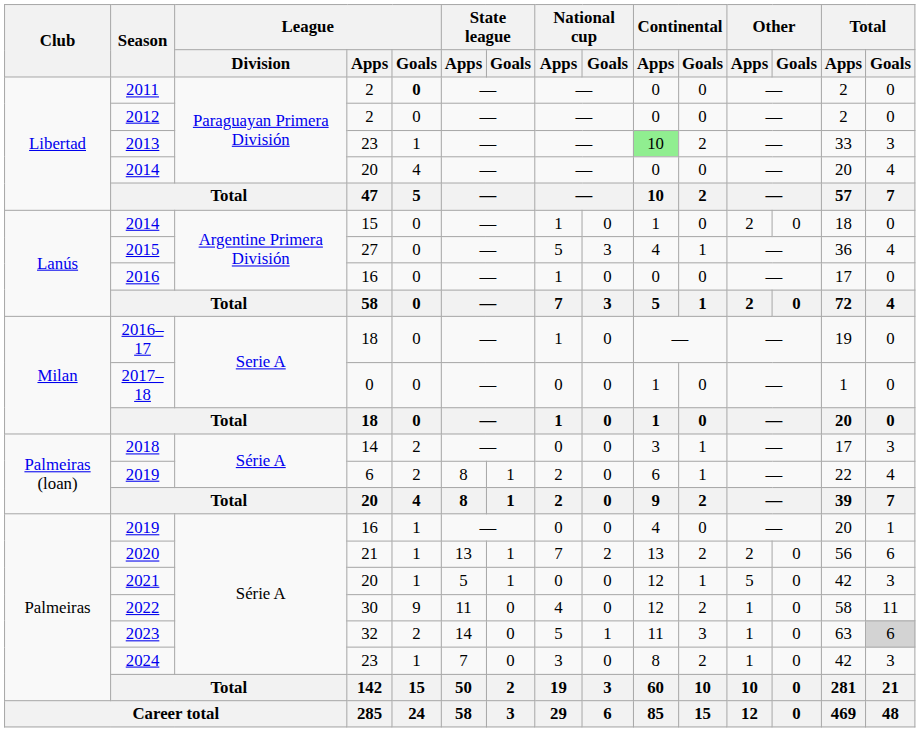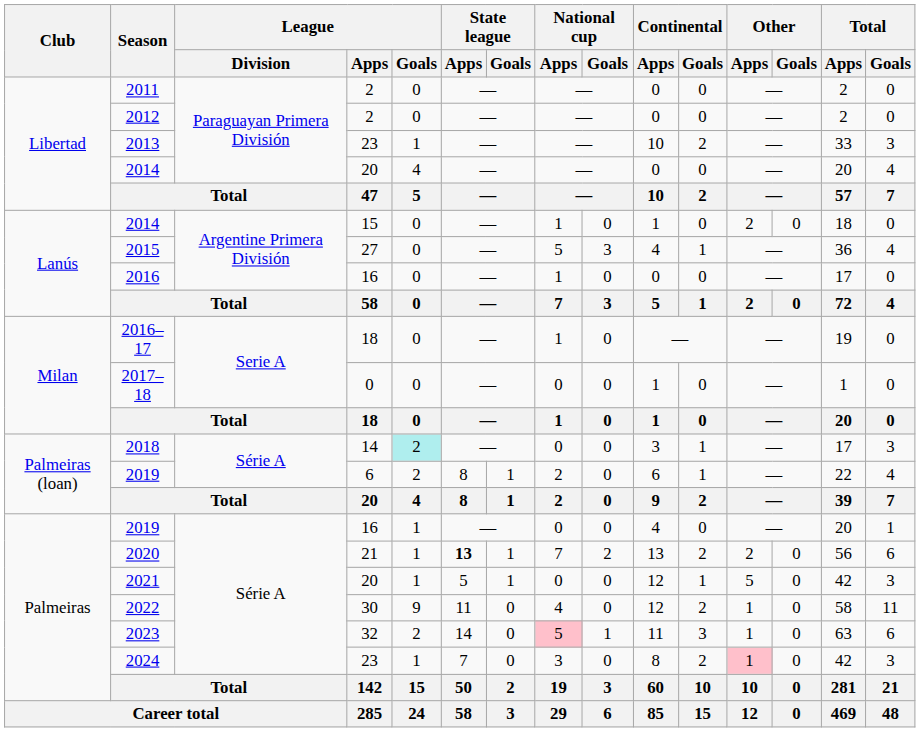 <table class="wikitable" style="text-align: center;">
 <tr>
 <th rowspan="2">Club</th>
 <th rowspan="2">Season</th>
 <th colspan="3">League</th>
 <th colspan="2">State league</th>
 <th colspan="2">National cup</th>
 <th colspan="2">Continental</th>
 <th colspan="2">Other</th>
 <th colspan="2">Total</th>
 </tr>
 <tr>
 <th>Division</th>
 <th>Apps</th>
 <th>Goals</th>
 <th>Apps</th>
 <th>Goals</th>
 <th>Apps</th>
 <th>Goals</th>
 <th>Apps</th>
 <th>Goals</th>
 <th>Apps</th>
 <th>Goals</th>
 <th>Apps</th>
 <th>Goals</th>
 </tr>
 <tr>
 <td rowspan="5"><a href='#'>Libertad</a></td>
 <td><a href='#'>2011</a></td>
 <td rowspan="4"><a href='#'>Paraguayan Primera División</a></td>
 <td>2</td>
-<td><strong>0</strong></td>
+<td>0</td>
 <td colspan="2">—</td>
 <td colspan="2">—</td>
 <td>0</td>
 <td>0</td>
 <td colspan="2">—</td>
 <td>2</td>
 <td>0</td>
 </tr>
 <tr>
 <td><a href='#'>2012</a></td>
 <td>2</td>
 <td>0</td>
 <td colspan="2">—</td>
 <td colspan="2">—</td>
 <td>0</td>
 <td>0</td>
 <td colspan="2">—</td>
 <td>2</td>
 <td>0</td>
 </tr>
 <tr>
 <td><a href='#'>2013</a></td>
 <td>23</td>
 <td>1</td>
 <td colspan="2">—</td>
 <td colspan="2">—</td>
-<td style="background: lightgreen;">10</td>
+<td>10</td>
 <td>2</td>
 <td colspan="2">—</td>
 <td>33</td>
 <td>3</td>
 </tr>
 <tr>
 <td><a href='#'>2014</a></td>
 <td>20</td>
 <td>4</td>
 <td colspan="2">—</td>
 <td colspan="2">—</td>
 <td>0</td>
 <td>0</td>
 <td colspan="2">—</td>
 <td>20</td>
 <td>4</td>
 </tr>
 <tr>
 <th colspan="2">Total</th>
 <th>47</th>
 <th>5</th>
 <th colspan="2">—</th>
 <th colspan="2">—</th>
 <th>10</th>
 <th>2</th>
 <th colspan="2">—</th>
 <th>57</th>
 <th>7</th>
 </tr>
 <tr>
 <td rowspan="4"><a href='#'>Lanús</a></td>
 <td><a href='#'>2014</a></td>
 <td rowspan="3"><a href='#'>Argentine Primera División</a></td>
 <td>15</td>
 <td>0</td>
 <td colspan="2">—</td>
 <td>1</td>
 <td>0</td>
 <td>1</td>
 <td>0</td>
 <td>2</td>
 <td>0</td>
 <td>18</td>
 <td>0</td>
 </tr>
 <tr>
 <td><a href='#'>2015</a></td>
 <td>27</td>
 <td>0</td>
 <td colspan="2">—</td>
 <td>5</td>
 <td>3</td>
 <td>4</td>
 <td>1</td>
 <td colspan="2">—</td>
 <td>36</td>
 <td>4</td>
 </tr>
 <tr>
 <td><a href='#'>2016</a></td>
 <td>16</td>
 <td>0</td>
 <td colspan="2">—</td>
 <td>1</td>
 <td>0</td>
 <td>0</td>
 <td>0</td>
 <td colspan="2">—</td>
 <td>17</td>
 <td>0</td>
 </tr>
 <tr>
 <th colspan="2">Total</th>
 <th>58</th>
 <th>0</th>
 <th colspan="2">—</th>
 <th>7</th>
 <th>3</th>
 <th>5</th>
 <th>1</th>
 <th>2</th>
 <th>0</th>
 <th>72</th>
 <th>4</th>
 </tr>
 <tr>
 <td rowspan="3"><a href='#'>Milan</a></td>
 <td><a href='#'>2016–17</a></td>
 <td rowspan="2"><a href='#'>Serie A</a></td>
 <td>18</td>
 <td>0</td>
 <td colspan="2">—</td>
 <td>1</td>
 <td>0</td>
 <td colspan="2">—</td>
 <td colspan="2">—</td>
 <td>19</td>
 <td>0</td>
 </tr>
 <tr>
 <td><a href='#'>2017–18</a></td>
 <td>0</td>
 <td>0</td>
 <td colspan="2">—</td>
 <td>0</td>
 <td>0</td>
 <td>1</td>
 <td>0</td>
 <td colspan="2">—</td>
 <td>1</td>
 <td>0</td>
 </tr>
 <tr>
 <th colspan="2">Total</th>
 <th>18</th>
 <th>0</th>
 <th colspan="2">—</th>
 <th>1</th>
 <th>0</th>
 <th>1</th>
 <th>0</th>
 <th colspan="2">—</th>
 <th>20</th>
 <th>0</th>
 </tr>
 <tr>
 <td rowspan="3"><a href='#'>Palmeiras</a> (loan)</td>
 <td><a href='#'>2018</a></td>
 <td rowspan="2"><a href='#'>Série A</a></td>
 <td>14</td>
-<td>2</td>
+<td style="background: paleturquoise;">2</td>
 <td colspan="2">—</td>
 <td>0</td>
 <td>0</td>
 <td>3</td>
 <td>1</td>
 <td colspan="2">—</td>
 <td>17</td>
 <td>3</td>
 </tr>
 <tr>
 <td><a href='#'>2019</a></td>
 <td>6</td>
 <td>2</td>
 <td>8</td>
 <td>1</td>
 <td>2</td>
 <td>0</td>
 <td>6</td>
 <td>1</td>
 <td colspan="2">—</td>
 <td>22</td>
 <td>4</td>
 </tr>
 <tr>
 <th colspan="2">Total</th>
 <th>20</th>
 <th>4</th>
 <th>8</th>
 <th>1</th>
 <th>2</th>
 <th>0</th>
 <th>9</th>
 <th>2</th>
 <th colspan="2">—</th>
 <th>39</th>
 <th>7</th>
 </tr>
 <tr>
 <td rowspan="7">Palmeiras</td>
 <td><a href='#'>2019</a></td>
 <td rowspan="6">Série A</td>
 <td>16</td>
 <td>1</td>
 <td colspan="2">—</td>
 <td>0</td>
 <td>0</td>
 <td>4</td>
 <td>0</td>
 <td colspan="2">—</td>
 <td>20</td>
 <td>1</td>
 </tr>
 <tr>
 <td><a href='#'>2020</a></td>
 <td>21</td>
 <td>1</td>
-<td>13</td>
+<td><strong>13</strong></td>
 <td>1</td>
 <td>7</td>
 <td>2</td>
 <td>13</td>
 <td>2</td>
 <td>2</td>
 <td>0</td>
 <td>56</td>
 <td>6</td>
 </tr>
 <tr>
 <td><a href='#'>2021</a></td>
 <td>20</td>
 <td>1</td>
 <td>5</td>
 <td>1</td>
 <td>0</td>
 <td>0</td>
 <td>12</td>
 <td>1</td>
 <td>5</td>
 <td>0</td>
 <td>42</td>
 <td>3</td>
 </tr>
 <tr>
 <td><a href='#'>2022</a></td>
 <td>30</td>
 <td>9</td>
 <td>11</td>
 <td>0</td>
 <td>4</td>
 <td>0</td>
 <td>12</td>
 <td>2</td>
 <td>1</td>
 <td>0</td>
 <td>58</td>
 <td>11</td>
 </tr>
 <tr>
 <td><a href='#'>2023</a></td>
 <td>32</td>
 <td>2</td>
 <td>14</td>
 <td>0</td>
-<td>5</td>
+<td style="background: pink;">5</td>
 <td>1</td>
 <td>11</td>
 <td>3</td>
 <td>1</td>
 <td>0</td>
 <td>63</td>
-<td style="background: lightgrey;">6</td>
+<td>6</td>
 </tr>
 <tr>
 <td><a href='#'>2024</a></td>
 <td>23</td>
 <td>1</td>
 <td>7</td>
 <td>0</td>
 <td>3</td>
 <td>0</td>
 <td>8</td>
 <td>2</td>
-<td>1</td>
+<td style="background: pink;">1</td>
 <td>0</td>
 <td>42</td>
 <td>3</td>
 </tr>
 <tr>
 <th colspan="2">Total</th>
 <th>142</th>
 <th>15</th>
 <th>50</th>
 <th>2</th>
 <th>19</th>
 <th>3</th>
 <th>60</th>
 <th>10</th>
 <th>10</th>
 <th>0</th>
 <th>281</th>
 <th>21</th>
 </tr>
 <tr>
 <th colspan="3">Career total</th>
 <th>285</th>
 <th>24</th>
 <th>58</th>
 <th>3</th>
 <th>29</th>
 <th>6</th>
 <th>85</th>
 <th>15</th>
 <th>12</th>
 <th>0</th>
 <th>469</th>
 <th>48</th>
 </tr>
 </table>
